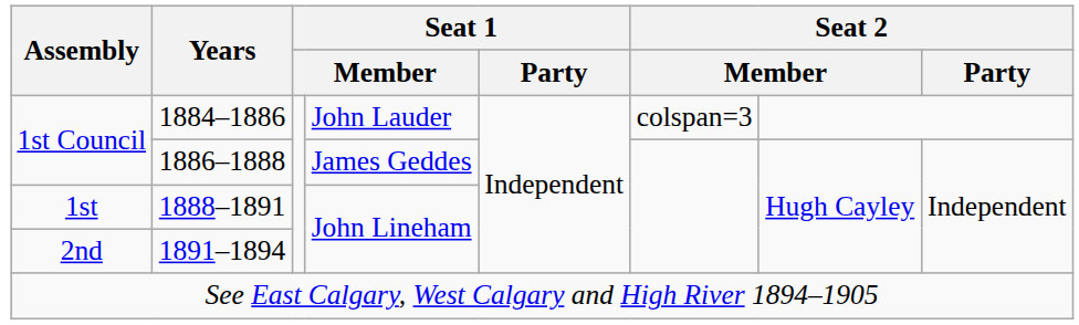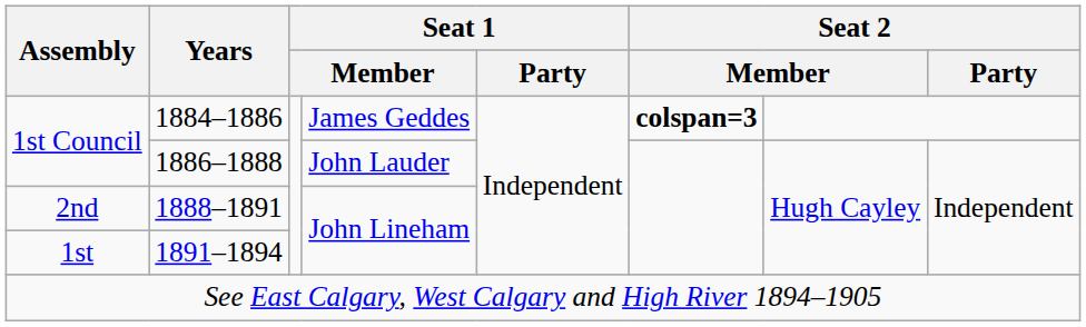 <table class=wikitable align=right>
 <tr>
 <th rowspan=2>Assembly</th>
 <th rowspan=2>Years</th>
 <th colspan=3>Seat 1</th>
 <th colspan=3>Seat 2</th>
 </tr>
 <tr>
 <th colspan="2">Member</th>
 <th>Party</th>
 <th colspan=2>Member</th>
 <th>Party</th>
 </tr>
 <tr>
 <td align=center rowspan=2><a href='#'>1st Council</a></td>
 <td>1884–1886</td>
 <td rowspan=4 ></td>
-<td><a href='#'>John Lauder</a></td>
+<td><a href='#'>James Geddes</a></td>
 <td rowspan=4>Independent</td>
-<td>colspan=3 </td>
+<td><strong>colspan=3 </strong></td>
 </tr>
 <tr>
 <td>1886–1888</td>
-<td><a href='#'>James Geddes</a></td>
+<td><a href='#'>John Lauder</a></td>
 <td rowspan=3 ></td>
 <td rowspan=3><a href='#'>Hugh Cayley</a></td>
 <td rowspan=3>Independent</td>
 </tr>
 <tr>
-<td align=center><a href='#'>1st</a></td>
+<td align=center><a href='#'>2nd</a></td>
 <td><a href='#'>1888</a>–1891</td>
 <td rowspan=2><a href='#'>John Lineham</a></td>
 </tr>
 <tr>
-<td align=center><a href='#'>2nd</a></td>
+<td align=center><a href='#'>1st</a></td>
 <td><a href='#'>1891</a>–1894</td>
 </tr>
 <tr>
 <td colspan=8 align=center><em>See <a href='#'>East Calgary</a>, <a href='#'>West Calgary</a> and <a href='#'>High River</a> 1894–1905</em></td>
 </tr>
 </table>
